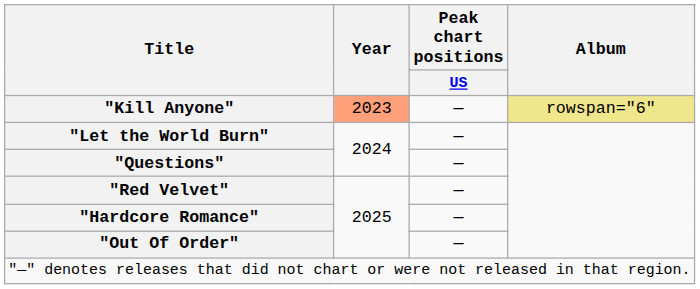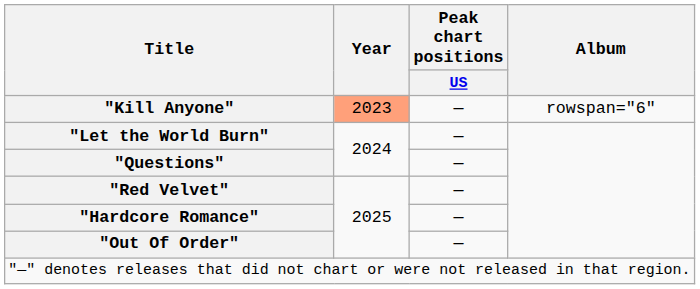 <table class="wikitable plainrowheaders" style="text-align:center;">
 <tr>
 <th scope="col" rowspan="2">Title</th>
 <th scope="col" rowspan="2">Year</th>
 <th scope="col">Peak chart positions</th>
 <th scope="col" rowspan="2">Album</th>
 </tr>
 <tr>
 <th style="width:3em;font-size:90%;"><a href='#'>US</a><br></th>
 </tr>
 <tr>
 <th scope="row">"Kill Anyone"<br></th>
 <td style="background: lightsalmon;">2023</td>
 <td>—</td>
-<td style="background: khaki;">rowspan="6" </td>
+<td>rowspan="6" </td>
 </tr>
 <tr>
 <th scope="row">"Let the World Burn"<br></th>
 <td rowspan="2">2024</td>
 <td>—</td>
 </tr>
 <tr>
 <th scope="row">"Questions"<br></th>
 <td>—</td>
 </tr>
 <tr>
 <th scope="row">"Red Velvet"<br></th>
 <td rowspan="3">2025</td>
 <td>—</td>
 </tr>
 <tr>
 <th scope="row">"Hardcore Romance"<br></th>
 <td>—</td>
 </tr>
 <tr>
 <th scope="row">"Out Of Order"<br></th>
 <td>—</td>
 </tr>
 <tr>
 <td colspan="4" style="font-size:90%">"—" denotes releases that did not chart or were not released in that region.</td>
 </tr>
 </table>
